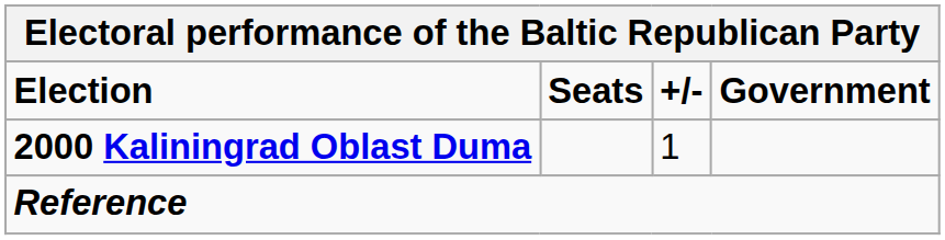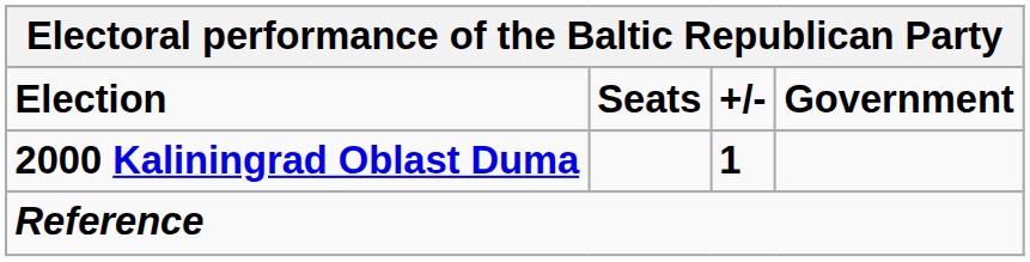 <table class="wikitable">
 <tr>
 <th colspan="4">Electoral performance of the Baltic Republican Party</th>
 </tr>
 <tr>
 <td><strong>Election</strong></td>
 <td><strong>Seats</strong></td>
 <td><strong>+/-</strong></td>
 <td><strong>Government</strong></td>
 </tr>
 <tr>
 <td><strong>2000 <a href='#'>Kaliningrad Oblast Duma</a></strong></td>
 <td></td>
-<td>1</td>
+<td><strong>1</strong></td>
 <td></td>
 </tr>
 <tr>
 <td colspan="4"><strong><em>Reference</em></strong></td>
 </tr>
 </table>
